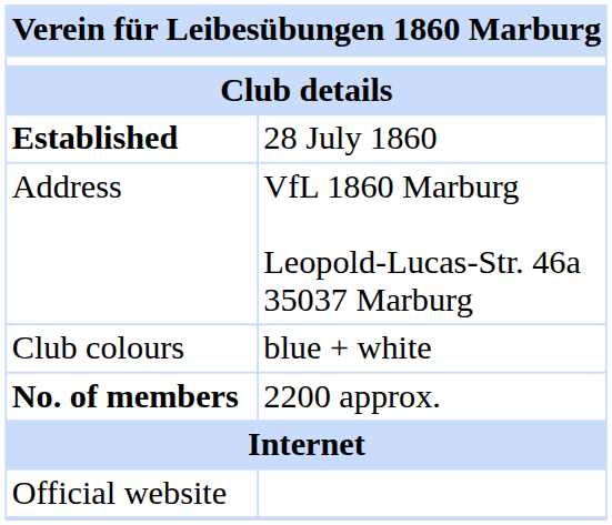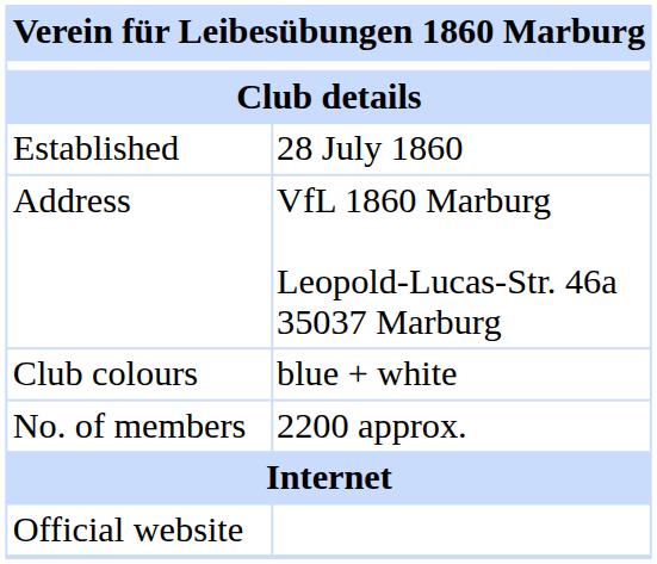 <table border="0" cellpadding="2" cellspacing="1" align="right" style="margin-left:1em; background:#CADCFB;">
 <tr>
 <th colspan="3">Verein für Leibesübungen 1860 Marburg</th>
 </tr>
 <tr>
 </tr>
 <tr style="background:#ffffff">
 <td colspan="3" align="center"></td>
 </tr>
 <tr>
 <th colspan="3">Club details</th>
 </tr>
 <tr bgcolor="#FFFFFF">
-<td><strong>Established</strong></td>
+<td>Established</td>
 <td colspan="2">28 July 1860</td>
 </tr>
 <tr bgcolor="#FFFFFF">
 <td valign="top">Address</td>
 <td colspan="2">VfL 1860 Marburg<br><br>Leopold-Lucas-Str. 46a<br> 35037 Marburg<br></td>
 </tr>
 <tr bgcolor="#FFFFFF">
 <td>Club colours</td>
 <td colspan="2">blue + white</td>
 </tr>
 <tr bgcolor="#FFFFFF">
-<td><strong>No. of members</strong></td>
+<td>No. of members</td>
 <td colspan="2">2200 approx.</td>
 </tr>
 <tr>
 <th colspan="3">Internet</th>
 </tr>
 <tr bgcolor="#FFFFFF">
 <td valign="top">Official website</td>
 <td colspan="2"></td>
 </tr>
 <tr bgcolor="#FFFFFF">
 </tr>
 </table>
